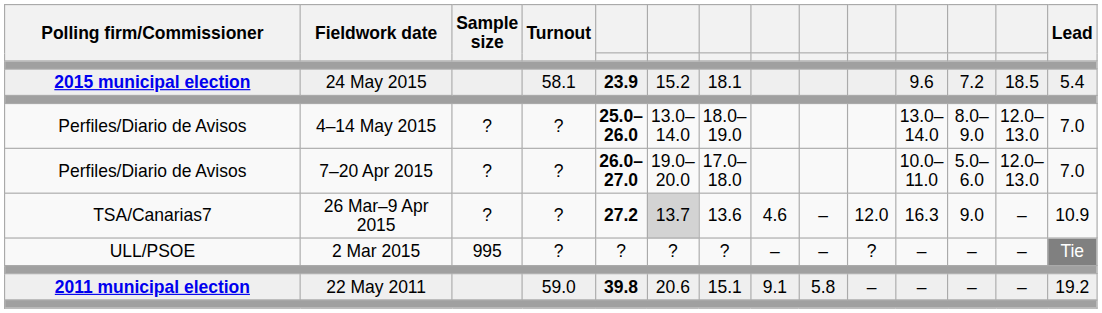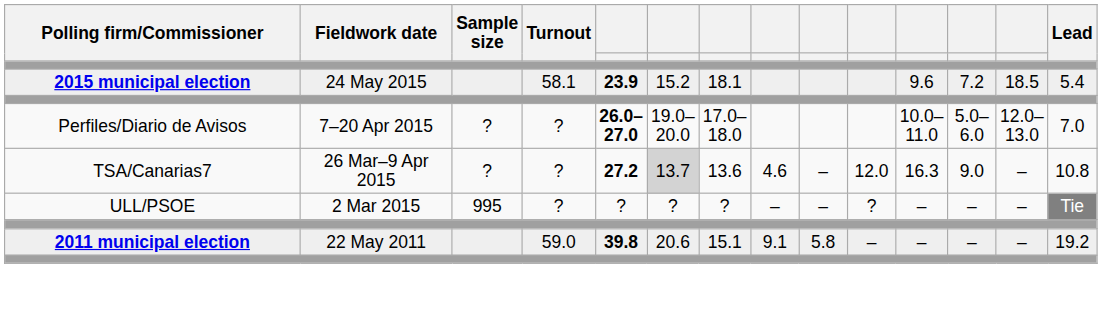 <table class="wikitable collapsible collapsed" style="text-align:center; font-size:95%; line-height:16px;">
 <tr style="height:42px;">
 <th style="width:250px;" rowspan="2">Polling firm/Commissioner</th>
 <th style="width:125px;" rowspan="2">Fieldwork date</th>
 <th style="width:50px;" rowspan="2">Sample size</th>
 <th style="width:45px;" rowspan="2">Turnout</th>
 <th style="width:35px;"></th>
 <th style="width:35px;"></th>
 <th style="width:35px;"></th>
 <th style="width:35px;"></th>
 <th style="width:35px;"></th>
 <th style="width:35px;"></th>
 <th style="width:35px;"></th>
 <th style="width:35px;"></th>
 <th style="width:35px;"></th>
 <th style="width:30px;" rowspan="2">Lead</th>
 </tr>
 <tr>
 <th style="color:inherit;background:"></th>
 <th style="color:inherit;background:"></th>
 <th style="color:inherit;background:"></th>
 <th style="color:inherit;background:"></th>
 <th style="color:inherit;background:"></th>
 <th style="color:inherit;background:"></th>
 <th style="color:inherit;background:"></th>
 <th style="color:inherit;background:"></th>
 <th style="color:inherit;background:"></th>
 </tr>
 <tr>
 <td colspan="14" style="background:#A0A0A0"></td>
 </tr>
 <tr style="background:#EFEFEF;">
 <td><strong><a href='#'>2015 municipal election</a></strong></td>
 <td>24 May 2015</td>
 <td></td>
 <td>58.1</td>
 <td><strong>23.9</strong><br></td>
 <td>15.2<br></td>
 <td>18.1<br></td>
 <td></td>
 <td></td>
 <td></td>
 <td>9.6<br></td>
 <td>7.2<br></td>
 <td>18.5<br></td>
 <td style="background:">5.4</td>
 </tr>
 <tr>
 <td colspan="14" style="background:#A0A0A0"></td>
 </tr>
 <tr>
 <td>Perfiles/Diario de Avisos</td>
-<td>4–14 May 2015</td>
-<td>?</td>
-<td>?</td>
-<td><strong>25.0–<br>26.0</strong><br></td>
-<td>13.0–<br>14.0<br></td>
-<td>18.0–<br>19.0<br></td>
-<td></td>
-<td></td>
-<td></td>
-<td>13.0–<br>14.0<br></td>
-<td>8.0–<br>9.0<br></td>
-<td>12.0–<br>13.0<br></td>
-<td style="background:">7.0</td>
-</tr>
-<tr>
-<td>Perfiles/Diario de Avisos</td>
 <td>7–20 Apr 2015</td>
 <td>?</td>
 <td>?</td>
 <td><strong>26.0–<br>27.0</strong><br></td>
 <td>19.0–<br>20.0<br></td>
 <td>17.0–<br>18.0<br></td>
 <td></td>
 <td></td>
 <td></td>
 <td>10.0–<br>11.0<br></td>
 <td>5.0–<br>6.0<br></td>
 <td>12.0–<br>13.0<br></td>
 <td style="background:">7.0</td>
 </tr>
 <tr>
 <td>TSA/Canarias7</td>
 <td>26 Mar–9 Apr 2015</td>
 <td>?</td>
 <td>?</td>
 <td><strong>27.2</strong><br></td>
 <td style="background: lightgrey;">13.7<br></td>
 <td>13.6<br></td>
 <td>4.6<br></td>
 <td>–</td>
 <td>12.0<br></td>
 <td>16.3<br></td>
 <td>9.0<br></td>
 <td>–</td>
-<td style="background:">10.9</td>
+<td style="background:">10.8</td>
 </tr>
 <tr>
 <td>ULL/PSOE</td>
 <td>2 Mar 2015</td>
 <td>995</td>
 <td>?</td>
 <td>?<br></td>
 <td>?<br></td>
 <td>?<br></td>
 <td>–</td>
 <td>–</td>
 <td>?<br></td>
 <td>–</td>
 <td>–</td>
 <td>–</td>
 <td style="background:gray; color:white;">Tie</td>
 </tr>
 <tr>
 <td colspan="14" style="background:#A0A0A0"></td>
 </tr>
 <tr style="background:#EFEFEF;">
 <td><strong><a href='#'>2011 municipal election</a></strong></td>
 <td>22 May 2011</td>
 <td></td>
 <td>59.0</td>
 <td><strong>39.8</strong><br></td>
 <td>20.6<br></td>
 <td>15.1<br></td>
 <td>9.1<br></td>
 <td>5.8<br></td>
 <td>–</td>
 <td>–</td>
 <td>–</td>
 <td>–</td>
 <td style="background:">19.2</td>
 </tr>
 <tr>
 <td colspan="14" style="background:#A0A0A0"></td>
 </tr>
 </table>
